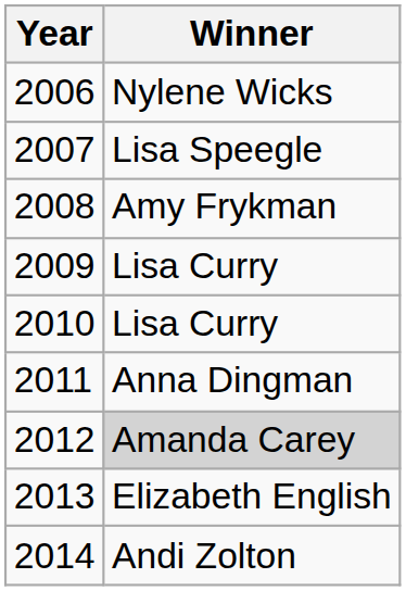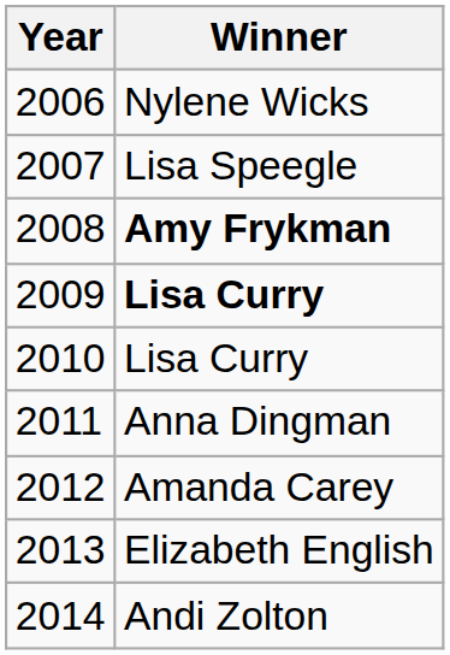 <table class="wikitable">
 <tr>
 <th>Year</th>
 <th>Winner</th>
 </tr>
 <tr>
 <td>2006</td>
 <td>Nylene Wicks</td>
 </tr>
 <tr>
 <td>2007</td>
 <td>Lisa Speegle</td>
 </tr>
 <tr>
 <td>2008</td>
-<td>Amy Frykman</td>
+<td><strong>Amy Frykman</strong></td>
 </tr>
 <tr>
 <td>2009</td>
-<td>Lisa Curry</td>
+<td><strong>Lisa Curry</strong></td>
 </tr>
 <tr>
 <td>2010</td>
 <td>Lisa Curry</td>
 </tr>
 <tr>
 <td>2011</td>
 <td>Anna Dingman</td>
 </tr>
 <tr>
 <td>2012</td>
-<td style="background: lightgrey;">Amanda Carey</td>
+<td>Amanda Carey</td>
 </tr>
 <tr>
 <td>2013</td>
 <td>Elizabeth English</td>
 </tr>
 <tr>
 <td>2014</td>
 <td>Andi Zolton</td>
 </tr>
 </table>
